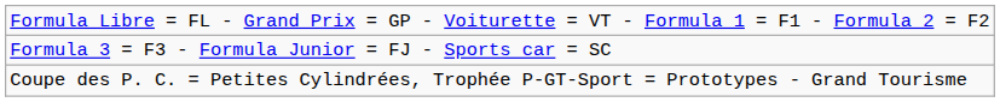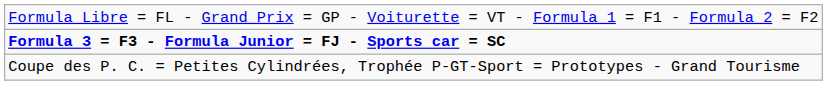 <table class=wikitable>
 <tr>
 <td><a href='#'>Formula Libre</a> = FL - <a href='#'>Grand Prix</a> = GP - <a href='#'>Voiturette</a> = VT - <a href='#'>Formula 1</a> = F1 - <a href='#'>Formula 2</a> = F2</td>
 </tr>
 <tr>
-<td><a href='#'>Formula 3</a> = F3 - <a href='#'>Formula Junior</a> = FJ - <a href='#'>Sports car</a> = SC</td>
+<td><strong><a href='#'>Formula 3</a> = F3 - <a href='#'>Formula Junior</a> = FJ - <a href='#'>Sports car</a> = SC</strong></td>
 </tr>
 <tr>
 <td>Coupe des P. C. = Petites Cylindrées, Trophée P-GT-Sport = Prototypes - Grand Tourisme</td>
 </tr>
 </table>
